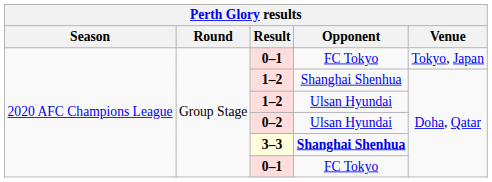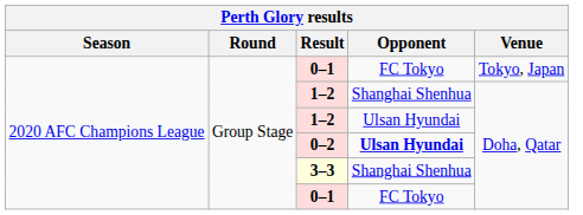 <table class="wikitable" style="text-align:">
 <tr>
 <th colspan="5"><a href='#'>Perth Glory</a> results</th>
 </tr>
 <tr>
 <th>Season</th>
 <th>Round</th>
 <th>Result</th>
 <th>Opponent</th>
 <th>Venue</th>
 </tr>
 <tr align="center">
 <td rowspan="6"><a href='#'>2020 AFC Champions League</a></td>
 <td rowspan="6">Group Stage</td>
 <td bgcolor=#ffdddd><strong>0–1</strong></td>
 <td> <a href='#'>FC Tokyo</a></td>
 <td><a href='#'>Tokyo</a>, <a href='#'>Japan</a></td>
 </tr>
 <tr align="center">
 <td bgcolor=#ffdddd><strong>1–2</strong></td>
 <td> <a href='#'>Shanghai Shenhua</a></td>
 <td rowspan="5"><a href='#'>Doha</a>, <a href='#'>Qatar</a></td>
 </tr>
 <tr align="center">
 <td bgcolor=#ffdddd><strong>1–2</strong></td>
 <td> <a href='#'>Ulsan Hyundai</a></td>
 </tr>
 <tr align="center">
 <td bgcolor=#ffdddd><strong>0–2</strong></td>
-<td> <a href='#'>Ulsan Hyundai</a></td>
+<td><strong> <a href='#'>Ulsan Hyundai</a></strong></td>
 </tr>
 <tr align="center">
 <td bgcolor=#ffffdd><strong>3–3</strong></td>
-<td><strong> <a href='#'>Shanghai Shenhua</a></strong></td>
+<td> <a href='#'>Shanghai Shenhua</a></td>
 </tr>
 <tr align="center">
 <td bgcolor=#ffdddd><strong>0–1</strong></td>
 <td> <a href='#'>FC Tokyo</a></td>
 </tr>
 </table>
